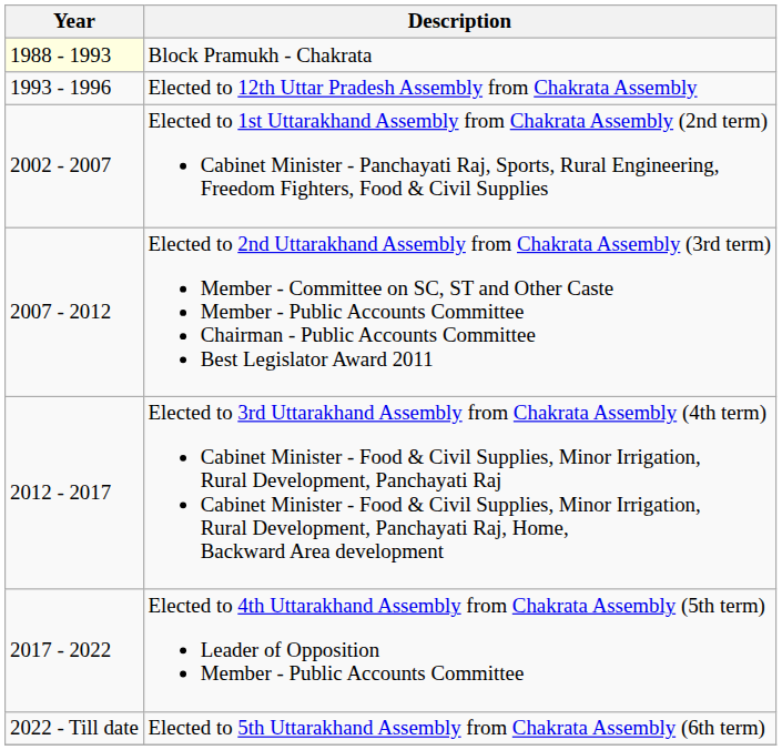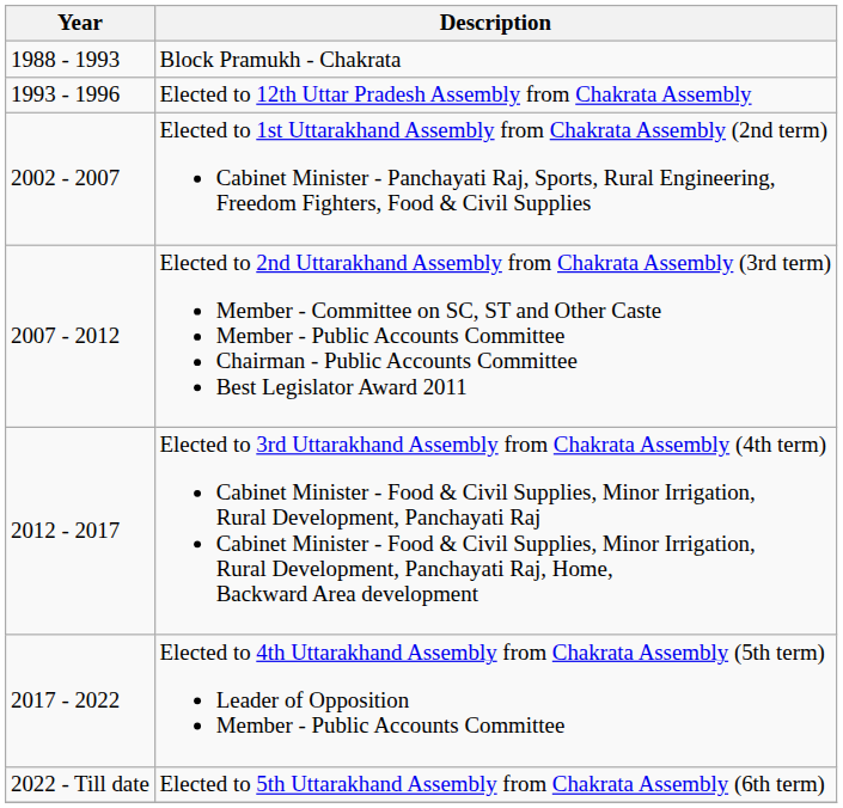 <table class="wikitable">
 <tr>
 <th>Year</th>
 <th>Description</th>
 </tr>
 <tr>
-<td style="background: lightyellow;">1988 - 1993</td>
+<td>1988 - 1993</td>
 <td>Block Pramukh - Chakrata</td>
 </tr>
 <tr>
 <td>1993 - 1996</td>
 <td>Elected to <a href='#'>12th Uttar Pradesh Assembly</a> from <a href='#'>Chakrata Assembly</a></td>
 </tr>
 <tr>
 <td>2002 - 2007</td>
 <td>Elected to <a href='#'>1st Uttarakhand Assembly</a> from <a href='#'>Chakrata Assembly</a> (2nd term)<br><ul><li>Cabinet Minister - Panchayati Raj, Sports, Rural Engineering,<br>Freedom Fighters, Food & Civil Supplies </li></ul></td>
 </tr>
 <tr>
 <td>2007 - 2012</td>
 <td>Elected to <a href='#'>2nd Uttarakhand Assembly</a> from <a href='#'>Chakrata Assembly</a> (3rd term)<br><ul><li>Member - Committee on SC, ST and Other Caste </li><li>Member - Public Accounts Committee </li><li>Chairman - Public Accounts Committee </li><li>Best Legislator Award 2011</li></ul></td>
 </tr>
 <tr>
 <td>2012 - 2017</td>
 <td>Elected to <a href='#'>3rd Uttarakhand Assembly</a> from <a href='#'>Chakrata Assembly</a> (4th term)<br><ul><li>Cabinet Minister - Food & Civil Supplies, Minor Irrigation, <br>Rural Development, Panchayati Raj </li><li>Cabinet Minister - Food & Civil Supplies, Minor Irrigation, <br> Rural Development, Panchayati Raj, Home, <br> Backward Area development </li></ul></td>
 </tr>
 <tr>
 <td>2017 - 2022</td>
 <td>Elected to <a href='#'>4th Uttarakhand Assembly</a> from <a href='#'>Chakrata Assembly</a> (5th term)<br><ul><li>Leader of Opposition </li><li>Member - Public Accounts Committee </li></ul></td>
 </tr>
 <tr>
 <td>2022 - Till date</td>
 <td>Elected to <a href='#'>5th Uttarakhand Assembly</a> from <a href='#'>Chakrata Assembly</a> (6th term)</td>
 </tr>
 <tr>
 </tr>
 </table>
